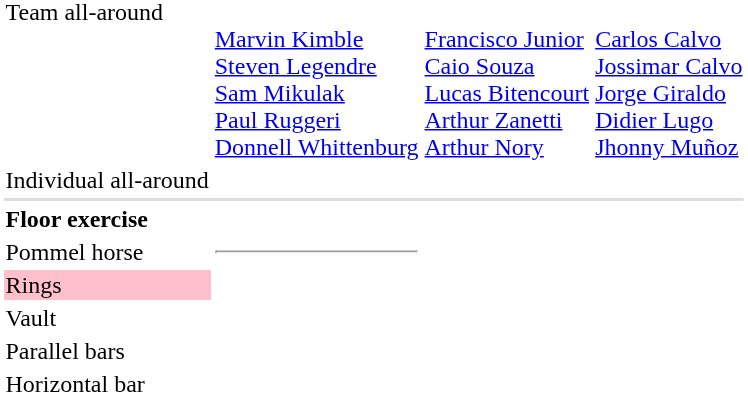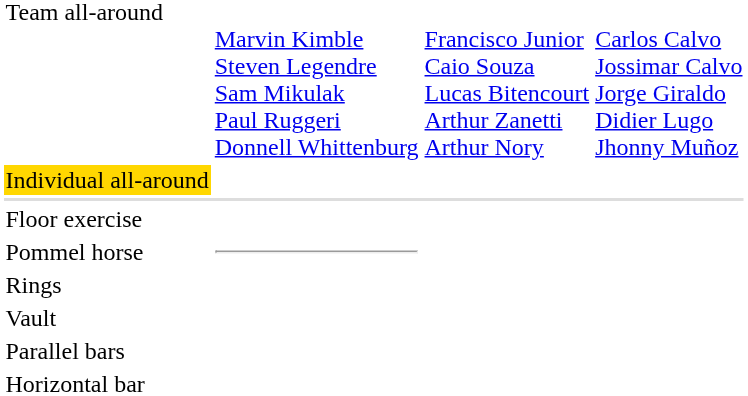 <table>
 <tr valign="top">
 <td>Team all-around<br></td>
 <td><br><a href='#'>Marvin Kimble</a><br><a href='#'>Steven Legendre</a><br><a href='#'>Sam Mikulak</a><br><a href='#'>Paul Ruggeri</a><br><a href='#'>Donnell Whittenburg</a></td>
 <td><br><a href='#'>Francisco Junior</a><br><a href='#'>Caio Souza</a><br><a href='#'>Lucas Bitencourt</a><br><a href='#'>Arthur Zanetti</a><br><a href='#'>Arthur Nory</a></td>
 <td><br><a href='#'>Carlos Calvo</a><br><a href='#'>Jossimar Calvo</a><br><a href='#'>Jorge Giraldo</a><br><a href='#'>Didier Lugo</a><br><a href='#'>Jhonny Muñoz</a></td>
 </tr>
 <tr>
-<td>Individual all-around<br></td>
+<td style="background: gold;">Individual all-around<br></td>
 <td></td>
 <td></td>
 <td></td>
 </tr>
 <tr bgcolor=#DDDDDD>
 <td colspan=7></td>
 </tr>
 <tr>
-<td><strong>Floor exercise<br></strong></td>
+<td>Floor exercise<br></td>
 <td></td>
 <td></td>
 <td></td>
 </tr>
 <tr>
 <td>Pommel horse<br></td>
 <td><hr></td>
 <td></td>
 <td></td>
 </tr>
 <tr>
-<td style="background: pink;">Rings<br></td>
+<td>Rings<br></td>
 <td></td>
 <td></td>
 <td></td>
 </tr>
 <tr>
 <td>Vault<br></td>
 <td></td>
 <td></td>
 <td></td>
 </tr>
 <tr>
 <td>Parallel bars<br></td>
 <td></td>
 <td></td>
 <td></td>
 </tr>
 <tr>
 <td>Horizontal bar<br></td>
 <td></td>
 <td></td>
 <td></td>
 </tr>
 </table>
